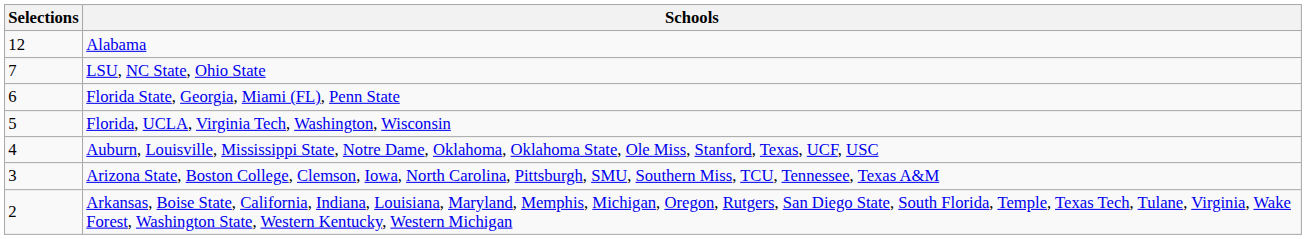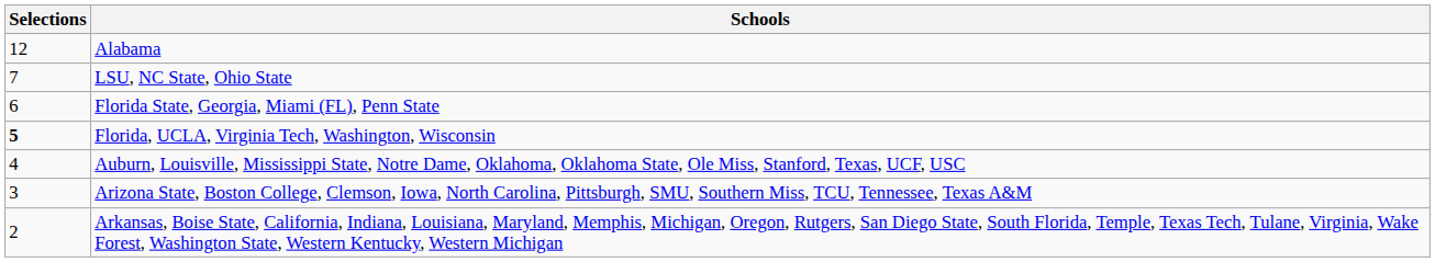 <table class="wikitable sortable" style="text-align:left">
 <tr>
 <th>Selections</th>
 <th class="unsortable">Schools</th>
 </tr>
 <tr>
 <td>12</td>
 <td><a href='#'>Alabama</a></td>
 </tr>
 <tr>
 <td>7</td>
 <td><a href='#'>LSU</a>, <a href='#'>NC State</a>, <a href='#'>Ohio State</a></td>
 </tr>
 <tr>
 <td>6</td>
 <td><a href='#'>Florida State</a>, <a href='#'>Georgia</a>, <a href='#'>Miami (FL)</a>, <a href='#'>Penn State</a></td>
 </tr>
 <tr>
-<td>5</td>
+<td><strong>5</strong></td>
 <td><a href='#'>Florida</a>, <a href='#'>UCLA</a>, <a href='#'>Virginia Tech</a>, <a href='#'>Washington</a>, <a href='#'>Wisconsin</a></td>
 </tr>
 <tr>
 <td>4</td>
 <td><a href='#'>Auburn</a>, <a href='#'>Louisville</a>, <a href='#'>Mississippi State</a>, <a href='#'>Notre Dame</a>, <a href='#'>Oklahoma</a>, <a href='#'>Oklahoma State</a>, <a href='#'>Ole Miss</a>, <a href='#'>Stanford</a>, <a href='#'>Texas</a>, <a href='#'>UCF</a>, <a href='#'>USC</a></td>
 </tr>
 <tr>
 <td>3</td>
 <td><a href='#'>Arizona State</a>, <a href='#'>Boston College</a>, <a href='#'>Clemson</a>, <a href='#'>Iowa</a>, <a href='#'>North Carolina</a>, <a href='#'>Pittsburgh</a>, <a href='#'>SMU</a>, <a href='#'>Southern Miss</a>, <a href='#'>TCU</a>, <a href='#'>Tennessee</a>, <a href='#'>Texas A&M</a></td>
 </tr>
 <tr>
 <td>2</td>
 <td><a href='#'>Arkansas</a>, <a href='#'>Boise State</a>, <a href='#'>California</a>, <a href='#'>Indiana</a>,  <a href='#'>Louisiana</a>, <a href='#'>Maryland</a>, <a href='#'>Memphis</a>, <a href='#'>Michigan</a>, <a href='#'>Oregon</a>, <a href='#'>Rutgers</a>, <a href='#'>San Diego State</a>, <a href='#'>South Florida</a>, <a href='#'>Temple</a>, <a href='#'>Texas Tech</a>, <a href='#'>Tulane</a>, <a href='#'>Virginia</a>, <a href='#'>Wake Forest</a>, <a href='#'>Washington State</a>, <a href='#'>Western Kentucky</a>, <a href='#'>Western Michigan</a></td>
 </tr>
 </table>
